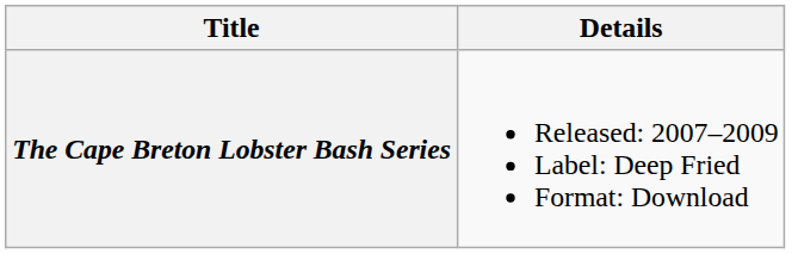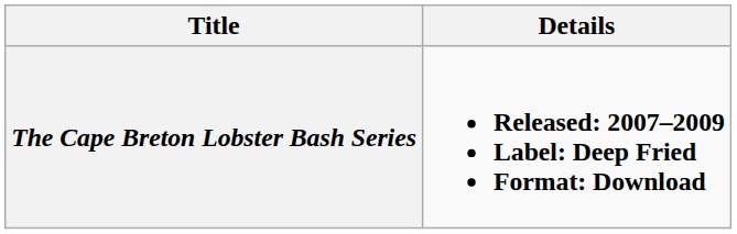 <table class="wikitable plainrowheaders">
 <tr>
 <th>Title</th>
 <th>Details</th>
 </tr>
 <tr>
 <th scope="row"><em>The Cape Breton Lobster Bash Series</em></th>
-<td><br><ul><li>Released: 2007–2009</li><li>Label: Deep Fried</li><li>Format: Download</li></ul></td>
+<td><strong><br><ul><li>Released: 2007–2009</li><li>Label: Deep Fried</li><li>Format: Download</li></ul></strong></td>
 </tr>
 </table>
